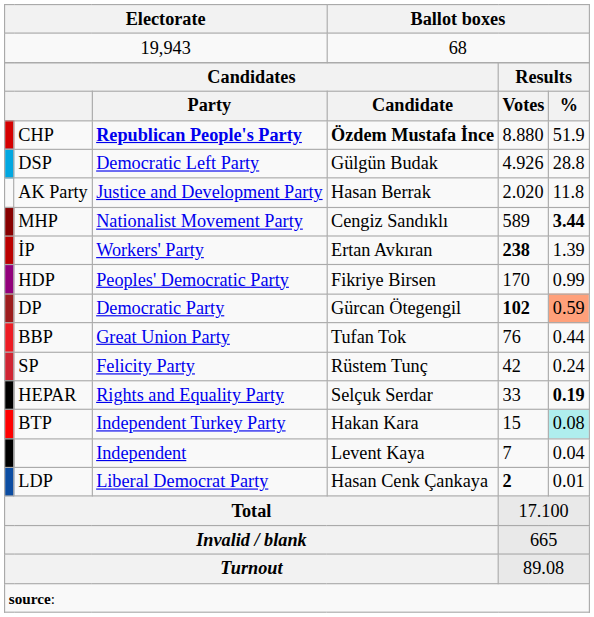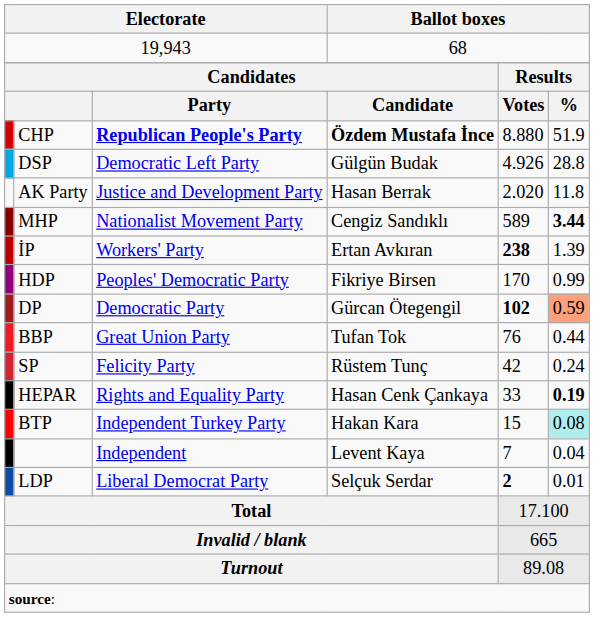 <table class="wikitable">
 <tr style="background-color:#F2F2F2">
 <td align="center" colspan="3"><strong>Electorate</strong></td>
 <td align="center" colspan="7"><strong>Ballot boxes</strong></td>
 </tr>
 <tr align="left">
 <td align="center" colspan="3">19,943</td>
 <td align="center" colspan="7">68</td>
 </tr>
 <tr>
 </tr>
 <tr style="background-color:#E9E9E9">
 </tr>
 <tr>
 <th align="center" colspan="4">Candidates</th>
 <th align="center" colspan="6">Results</th>
 </tr>
 <tr style="background-color:#E9E9E9">
 <th align="center" colspan="2"></th>
 <th align="center">Party</th>
 <th align="center">Candidate</th>
 <th align="center">Votes</th>
 <th align="center">%</th>
 </tr>
 <tr align="left">
 <td bgcolor="#d50000" width=1></td>
 <td>CHP</td>
 <td><strong><a href='#'>Republican People's Party</a></strong></td>
 <td><strong>Özdem Mustafa İnce</strong></td>
 <td>8.880</td>
 <td>51.9</td>
 </tr>
 <tr align="left">
 <td bgcolor="#01A7E1" width=1></td>
 <td>DSP</td>
 <td><a href='#'>Democratic Left Party</a></td>
 <td>Gülgün Budak</td>
 <td>4.926</td>
 <td>28.8</td>
 </tr>
 <tr align="left">
 <td></td>
 <td>AK Party</td>
 <td><a href='#'>Justice and Development Party</a></td>
 <td>Hasan Berrak</td>
 <td>2.020</td>
 <td>11.8</td>
 </tr>
 <tr align="left">
 <td bgcolor="#870000" width=1></td>
 <td>MHP</td>
 <td><a href='#'>Nationalist Movement Party</a></td>
 <td>Cengiz Sandıklı</td>
 <td>589</td>
 <td><strong>3.44</strong></td>
 </tr>
 <tr align="left">
 <td bgcolor="#BB0000" width=1></td>
 <td>İP</td>
 <td><a href='#'>Workers' Party</a></td>
 <td>Ertan Avkıran</td>
 <td><strong>238</strong></td>
 <td>1.39</td>
 </tr>
 <tr align="left">
 <td bgcolor="#91007B" width=1></td>
 <td>HDP</td>
 <td><a href='#'>Peoples' Democratic Party</a></td>
 <td>Fikriye Birsen</td>
 <td>170</td>
 <td>0.99</td>
 </tr>
 <tr align="left">
 <td bgcolor="#9D1D1E" width=1></td>
 <td>DP</td>
 <td><a href='#'>Democratic Party</a></td>
 <td>Gürcan Ötegengil</td>
 <td><strong>102</strong></td>
 <td style="background: lightsalmon;">0.59</td>
 </tr>
 <tr align="left">
 <td bgcolor="#ED1C24" width=1></td>
 <td>BBP</td>
 <td><a href='#'>Great Union Party</a></td>
 <td>Tufan Tok</td>
 <td>76</td>
 <td>0.44</td>
 </tr>
 <tr align="left">
 <td bgcolor="#D02433" width=1></td>
 <td>SP</td>
 <td><a href='#'>Felicity Party</a></td>
 <td>Rüstem Tunç</td>
 <td>42</td>
 <td>0.24</td>
 </tr>
 <tr align="left">
 <td bgcolor="#000000" width=1></td>
 <td>HEPAR</td>
 <td><a href='#'>Rights and Equality Party</a></td>
-<td>Selçuk Serdar</td>
+<td>Hasan Cenk Çankaya</td>
 <td>33</td>
 <td><strong>0.19</strong></td>
 </tr>
 <tr align="left">
 <td bgcolor="#FE0000" width=1></td>
 <td>BTP</td>
 <td><a href='#'>Independent Turkey Party</a></td>
 <td>Hakan Kara</td>
 <td>15</td>
 <td style="background: paleturquoise;">0.08</td>
 </tr>
 <tr align="left">
 <td bgcolor=" " width=1></td>
 <td></td>
 <td><a href='#'>Independent</a></td>
 <td>Levent Kaya</td>
 <td>7</td>
 <td>0.04</td>
 </tr>
 <tr align="left">
 <td bgcolor="#0C4DA2" width=1></td>
 <td>LDP</td>
 <td><a href='#'>Liberal Democrat Party</a></td>
-<td>Hasan Cenk Çankaya</td>
+<td>Selçuk Serdar</td>
 <td><strong>2</strong></td>
 <td>0.01</td>
 </tr>
 <tr style="background-color:#E9E9E9" align="left">
 <th align="center" colspan="4"><strong>Total</strong></th>
 <td align="center" colspan="5">17.100</td>
 </tr>
 <tr style="background-color:#E9E9E9" align="left">
 <th align="center" colspan="4"><em>Invalid / blank</em></th>
 <td align="center" colspan="5">665</td>
 </tr>
 <tr style="background-color:#E9E9E9" align="left">
 <th align="center" colspan="4"><em>Turnout</em></th>
 <td align="center" colspan="5">89.08</td>
 </tr>
 <tr>
 <td align="left" colspan=10><small><strong>source</strong>: </small></td>
 </tr>
 </table>
